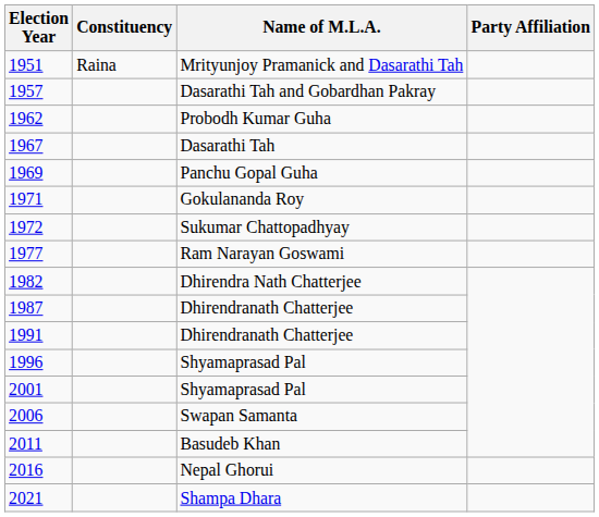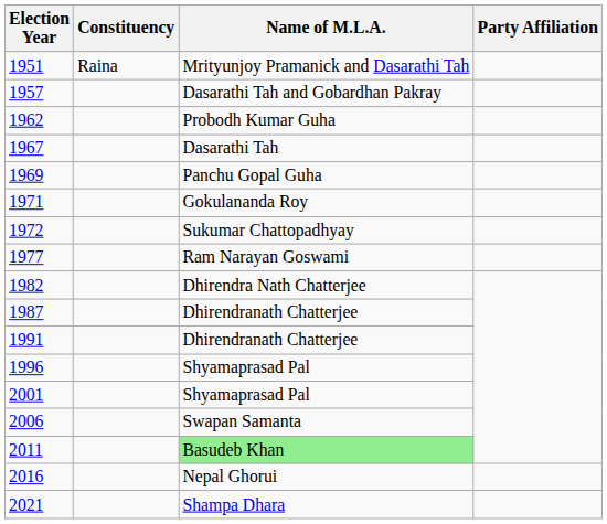 <table class="wikitable sortable">
 <tr>
 <th>Election<br> Year</th>
 <th>Constituency</th>
 <th>Name of M.L.A.</th>
 <th colspan=2>Party Affiliation</th>
 </tr>
 <tr>
 <td><a href='#'>1951</a></td>
 <td>Raina</td>
 <td>Mrityunjoy Pramanick and <a href='#'>Dasarathi Tah</a></td>
 <td></td>
 </tr>
 <tr>
 <td><a href='#'>1957</a></td>
 <td></td>
 <td>Dasarathi Tah and Gobardhan Pakray</td>
 <td></td>
 </tr>
 <tr>
 <td><a href='#'>1962</a></td>
 <td></td>
 <td>Probodh Kumar Guha</td>
 <td></td>
 </tr>
 <tr>
 <td><a href='#'>1967</a></td>
 <td></td>
 <td>Dasarathi Tah</td>
 <td></td>
 </tr>
 <tr>
 <td><a href='#'>1969</a></td>
 <td></td>
 <td>Panchu Gopal Guha</td>
 <td></td>
 </tr>
 <tr>
 <td><a href='#'>1971</a></td>
 <td></td>
 <td>Gokulananda Roy</td>
 </tr>
 <tr>
 <td><a href='#'>1972</a></td>
 <td></td>
 <td>Sukumar Chattopadhyay</td>
 <td></td>
 </tr>
 <tr>
 <td><a href='#'>1977</a></td>
 <td></td>
 <td>Ram Narayan Goswami</td>
 <td></td>
 </tr>
 <tr>
 <td><a href='#'>1982</a></td>
 <td></td>
 <td>Dhirendra Nath Chatterjee</td>
 </tr>
 <tr>
 <td><a href='#'>1987</a></td>
 <td></td>
 <td>Dhirendranath Chatterjee</td>
 </tr>
 <tr>
 <td><a href='#'>1991</a></td>
 <td></td>
 <td>Dhirendranath Chatterjee</td>
 </tr>
 <tr>
 <td><a href='#'>1996</a></td>
 <td></td>
 <td>Shyamaprasad Pal</td>
 </tr>
 <tr>
 <td><a href='#'>2001</a></td>
 <td></td>
 <td>Shyamaprasad Pal</td>
 </tr>
 <tr>
 <td><a href='#'>2006</a></td>
 <td></td>
 <td>Swapan Samanta</td>
 </tr>
 <tr>
 <td><a href='#'>2011</a></td>
 <td></td>
-<td>Basudeb Khan</td>
+<td style="background: lightgreen;">Basudeb Khan</td>
 </tr>
 <tr>
 <td><a href='#'>2016</a></td>
 <td></td>
 <td>Nepal Ghorui</td>
 <td></td>
 </tr>
 <tr>
 <td><a href='#'>2021</a></td>
 <td></td>
 <td><a href='#'>Shampa Dhara</a></td>
 </tr>
 </table>
